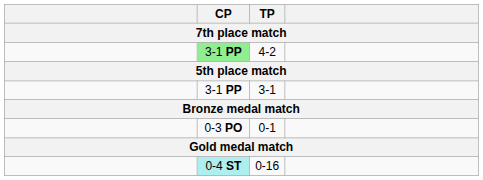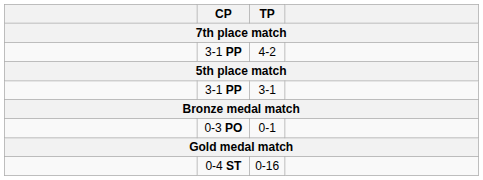 <table class="wikitable" style="text-align: center;" |>
 <tr>
 <th width="250"></th>
 <th width="62">CP</th>
 <th width="40">TP</th>
 <th width="250"></th>
 </tr>
 <tr>
 <th colspan="5">7th place match</th>
 </tr>
 <tr>
 <td style="text-align:left;"><strong></strong></td>
-<td style="background: lightgreen;">3-1 <strong>PP</strong></td>
+<td>3-1 <strong>PP</strong></td>
 <td>4-2</td>
 <td style="text-align:left;"></td>
 </tr>
 <tr>
 <th colspan="5">5th place match</th>
 </tr>
 <tr>
 <td style="text-align:left;"><strong></strong></td>
 <td>3-1 <strong>PP</strong></td>
 <td>3-1</td>
 <td style="text-align:left;"></td>
 </tr>
 <tr>
 <th colspan="5">Bronze medal match</th>
 </tr>
 <tr>
 <td style="text-align:left;"></td>
 <td>0-3 <strong>PO</strong></td>
 <td>0-1</td>
 <td style="text-align:left;"><strong></strong></td>
 </tr>
 <tr>
 <th colspan="5">Gold medal match</th>
 </tr>
 <tr>
 <td style="text-align:left;"></td>
-<td style="background: paleturquoise;">0-4 <strong>ST</strong></td>
+<td>0-4 <strong>ST</strong></td>
 <td>0-16</td>
 <td style="text-align:left;"><strong></strong></td>
 </tr>
 </table>
